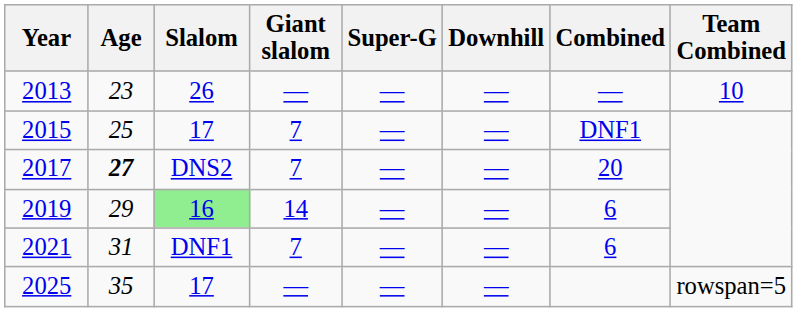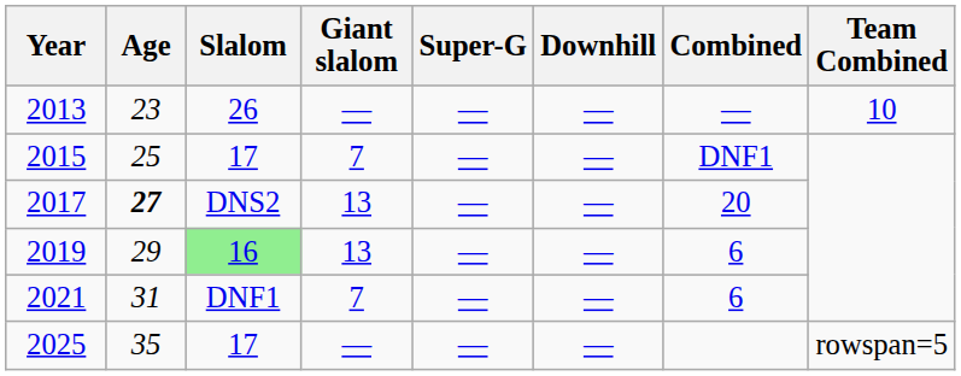 <table class=wikitable style="text-align:center">
 <tr>
 <th>  Year  </th>
 <th> Age </th>
 <th> Slalom </th>
 <th> Giant <br> slalom </th>
 <th>Super-G</th>
 <th>Downhill</th>
 <th>Combined</th>
 <th>Team<br>Combined</th>
 </tr>
 <tr>
 <td><a href='#'>2013</a></td>
 <td><em>23</em></td>
 <td><a href='#'>26</a></td>
 <td><a href='#'>—</a></td>
 <td><a href='#'>—</a></td>
 <td><a href='#'>—</a></td>
 <td><a href='#'>—</a></td>
 <td><a href='#'>10</a></td>
 </tr>
 <tr>
 <td><a href='#'>2015</a></td>
 <td><em>25</em></td>
 <td><a href='#'>17</a></td>
 <td><a href='#'>7</a></td>
 <td><a href='#'>—</a></td>
 <td><a href='#'>—</a></td>
 <td><a href='#'>DNF1</a></td>
 </tr>
 <tr>
 <td><a href='#'>2017</a></td>
 <td><strong><em>27</em></strong></td>
 <td><a href='#'>DNS2</a></td>
-<td><a href='#'>7</a></td>
+<td><a href='#'>13</a></td>
 <td><a href='#'>—</a></td>
 <td><a href='#'>—</a></td>
 <td><a href='#'>20</a></td>
 </tr>
 <tr>
 <td><a href='#'>2019</a></td>
 <td><em>29</em></td>
 <td style="background: lightgreen;"><a href='#'>16</a></td>
-<td><a href='#'>14</a></td>
+<td><a href='#'>13</a></td>
 <td><a href='#'>—</a></td>
 <td><a href='#'>—</a></td>
 <td><a href='#'>6</a></td>
 </tr>
 <tr>
 <td><a href='#'>2021</a></td>
 <td><em>31</em></td>
 <td><a href='#'>DNF1</a></td>
 <td><a href='#'>7</a></td>
 <td><a href='#'>—</a></td>
 <td><a href='#'>—</a></td>
 <td><a href='#'>6</a></td>
 </tr>
 <tr>
 <td><a href='#'>2025</a></td>
 <td><em>35</em></td>
 <td><a href='#'>17</a></td>
 <td><a href='#'>—</a></td>
 <td><a href='#'>—</a></td>
 <td><a href='#'>—</a></td>
 <td></td>
 <td>rowspan=5</td>
 </tr>
 </table>
